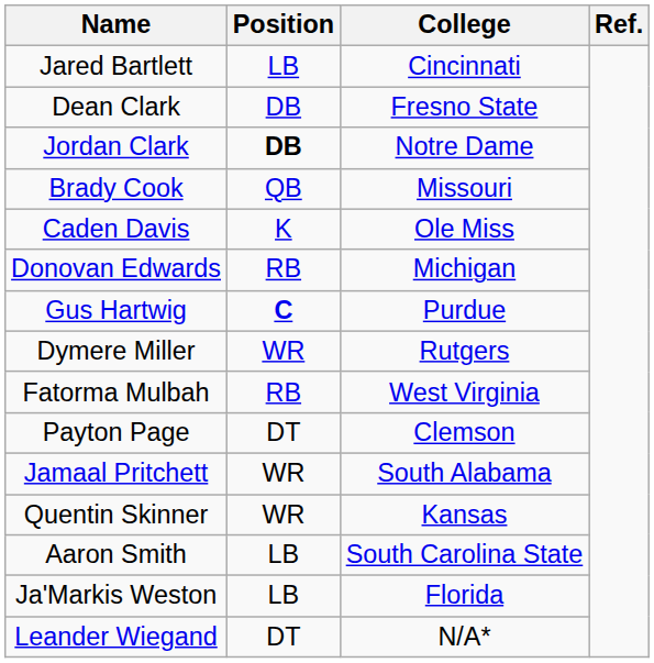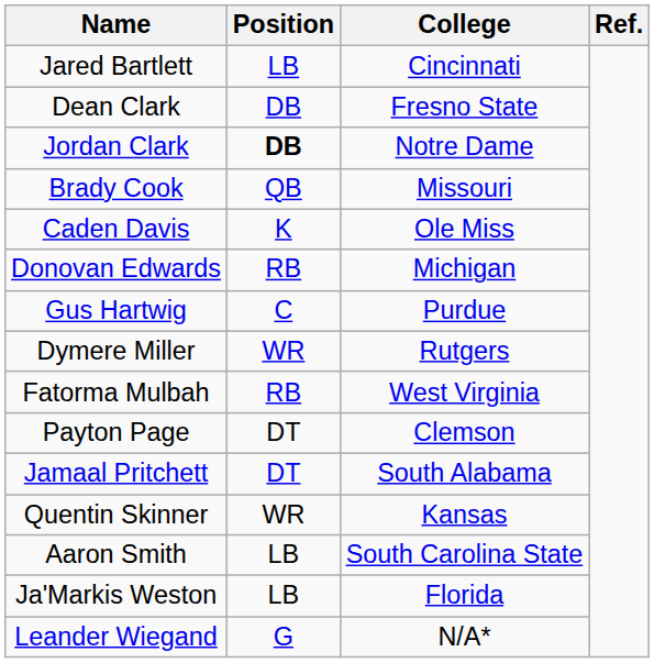 <table class="wikitable" style="text-align:center">
 <tr>
 <th>Name</th>
 <th>Position</th>
 <th>College</th>
 <th>Ref.</th>
 </tr>
 <tr>
 <td>Jared Bartlett</td>
 <td><a href='#'>LB</a></td>
 <td><a href='#'>Cincinnati</a></td>
 <td rowspan="15"></td>
 </tr>
 <tr>
 <td>Dean Clark</td>
 <td><a href='#'>DB</a></td>
 <td><a href='#'>Fresno State</a></td>
 </tr>
 <tr>
 <td><a href='#'>Jordan Clark</a></td>
 <td><strong>DB</strong></td>
 <td><a href='#'>Notre Dame</a></td>
 </tr>
 <tr>
 <td><a href='#'>Brady Cook</a></td>
 <td><a href='#'>QB</a></td>
 <td><a href='#'>Missouri</a></td>
 </tr>
 <tr>
 <td><a href='#'>Caden Davis</a></td>
 <td><a href='#'>K</a></td>
 <td><a href='#'>Ole Miss</a></td>
 </tr>
 <tr>
 <td><a href='#'>Donovan Edwards</a></td>
 <td><a href='#'>RB</a></td>
 <td><a href='#'>Michigan</a></td>
 </tr>
 <tr>
 <td><a href='#'>Gus Hartwig</a></td>
-<td><strong><a href='#'>C</a></strong></td>
+<td><a href='#'>C</a></td>
 <td><a href='#'>Purdue</a></td>
 </tr>
 <tr>
 <td>Dymere Miller</td>
 <td><a href='#'>WR</a></td>
 <td><a href='#'>Rutgers</a></td>
 </tr>
 <tr>
 <td>Fatorma Mulbah</td>
 <td><a href='#'>RB</a></td>
 <td><a href='#'>West Virginia</a></td>
 </tr>
 <tr>
 <td>Payton Page</td>
 <td>DT</td>
 <td><a href='#'>Clemson</a></td>
 </tr>
 <tr>
 <td><a href='#'>Jamaal Pritchett</a></td>
-<td>WR</td>
+<td><a href='#'>DT</a></td>
 <td><a href='#'>South Alabama</a></td>
 </tr>
 <tr>
 <td>Quentin Skinner</td>
 <td>WR</td>
 <td><a href='#'>Kansas</a></td>
 </tr>
 <tr>
 <td>Aaron Smith</td>
 <td>LB</td>
 <td><a href='#'>South Carolina State</a></td>
 </tr>
 <tr>
 <td>Ja'Markis Weston</td>
 <td>LB</td>
 <td><a href='#'>Florida</a></td>
 </tr>
 <tr>
 <td><a href='#'>Leander Wiegand</a></td>
-<td>DT</td>
+<td><a href='#'>G</a></td>
 <td>N/A*</td>
 </tr>
 </table>
